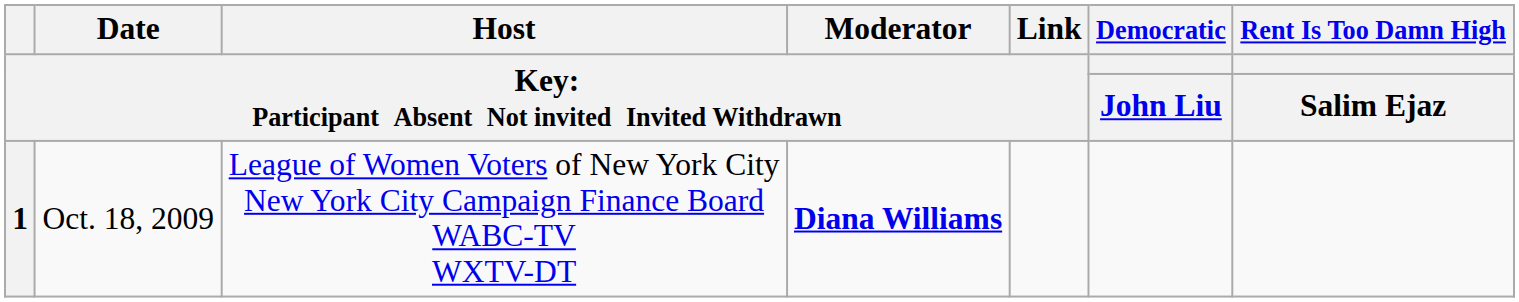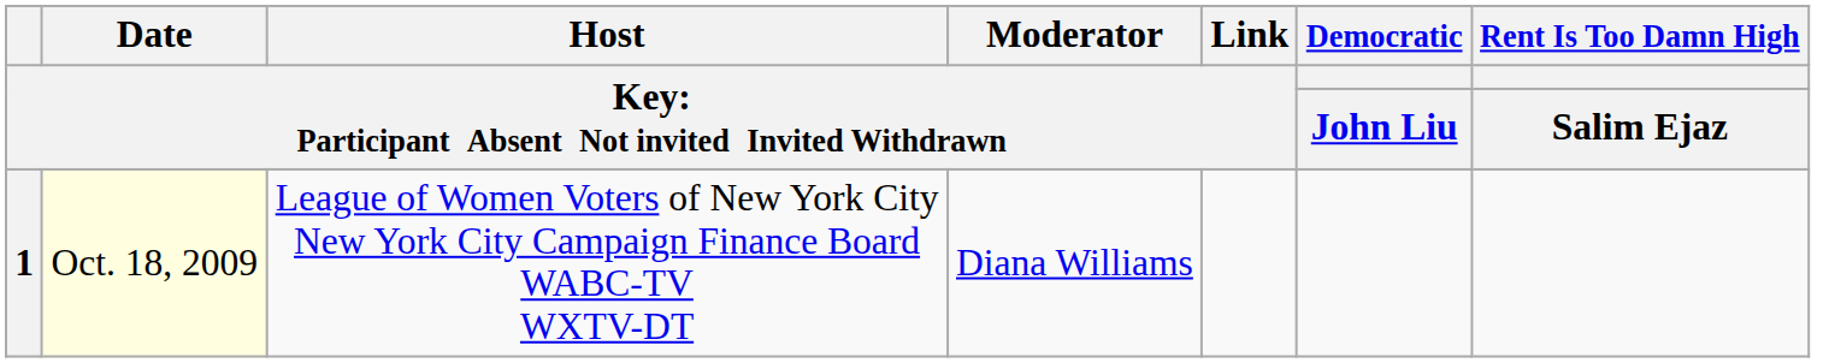 <table class="wikitable" style="text-align:center;">
 <tr>
 <th scope="col"></th>
 <th scope="col">Date</th>
 <th scope="col">Host</th>
 <th scope="col">Moderator</th>
 <th scope="col">Link</th>
 <th scope="col"><small><a href='#'>Democratic</a></small></th>
 <th scope="col"><small><a href='#'>Rent Is Too Damn High</a></small></th>
 </tr>
 <tr>
 <th colspan="5" rowspan="2">Key:<br> <small>Participant </small>  <small>Absent </small>  <small>Not invited </small>  <small>Invited  Withdrawn</small></th>
 <th scope="col" style="background:"></th>
 <th scope="col" style="background:"></th>
 </tr>
 <tr>
 <th scope="col"><a href='#'>John Liu</a></th>
 <th scope="col">Salim Ejaz</th>
 </tr>
 <tr>
 <th>1</th>
-<td style="white-space:nowrap;">Oct. 18, 2009</td>
+<td style="background: lightyellow; white-space:nowrap;">Oct. 18, 2009</td>
 <td style="white-space:nowrap;"><a href='#'>League of Women Voters</a> of New York City<br><a href='#'>New York City Campaign Finance Board</a><br><a href='#'>WABC-TV</a><br><a href='#'>WXTV-DT</a></td>
-<td style="white-space:nowrap;"><strong><a href='#'>Diana Williams</a></strong></td>
+<td style="white-space:nowrap;"><a href='#'>Diana Williams</a></td>
 <td style="white-space:nowrap;"></td>
 <td></td>
 <td></td>
 </tr>
 </table>
